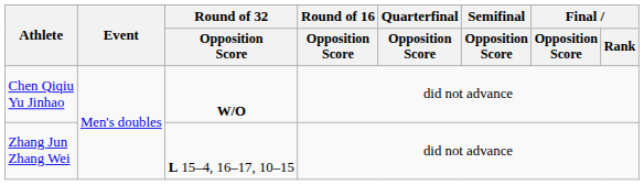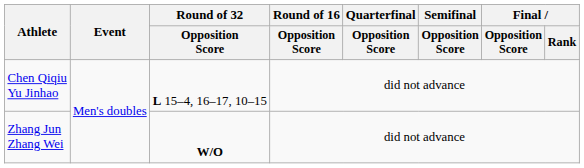 <table class=wikitable style="font-size:90%">
 <tr>
 <th rowspan="2">Athlete</th>
 <th rowspan="2">Event</th>
 <th>Round of 32</th>
 <th>Round of 16</th>
 <th>Quarterfinal</th>
 <th>Semifinal</th>
 <th colspan=2>Final / </th>
 </tr>
 <tr style="font-size:95%">
 <th>Opposition<br>Score</th>
 <th>Opposition<br>Score</th>
 <th>Opposition<br>Score</th>
 <th>Opposition<br>Score</th>
 <th>Opposition<br>Score</th>
 <th>Rank</th>
 </tr>
 <tr>
 <td align=left><a href='#'>Chen Qiqiu</a><br> <a href='#'>Yu Jinhao</a></td>
 <td align=left rowspan="2"><a href='#'>Men's doubles</a></td>
-<td align=center><br> <br> <strong>W/O</strong></td>
+<td align=center><br> <br><strong>L</strong> 15–4, 16–17, 10–15</td>
 <td align=center colspan="5">did not advance</td>
 </tr>
 <tr>
 <td align=left><a href='#'>Zhang Jun</a><br> <a href='#'>Zhang Wei</a></td>
-<td align=center><br> <br><strong>L</strong> 15–4, 16–17, 10–15</td>
+<td align=center><br> <br> <strong>W/O</strong></td>
 <td align=center colspan="5">did not advance</td>
 </tr>
 </table>
